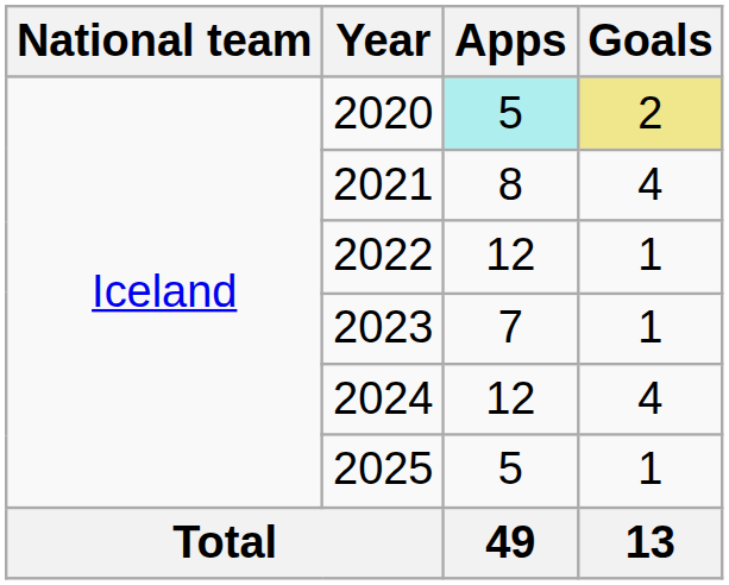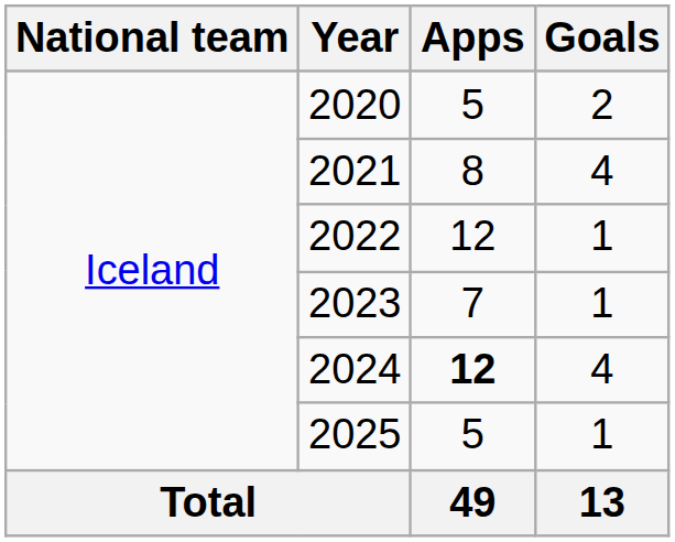 <table class="wikitable" style="text-align:center">
 <tr>
 <th>National team</th>
 <th>Year</th>
 <th>Apps</th>
 <th>Goals</th>
 </tr>
 <tr>
 <td rowspan="6"><a href='#'>Iceland</a></td>
 <td>2020</td>
-<td style="background: paleturquoise;">5</td>
-<td style="background: khaki;">2</td>
+<td>5</td>
+<td>2</td>
 </tr>
 <tr>
 <td>2021</td>
 <td>8</td>
 <td>4</td>
 </tr>
 <tr>
 <td>2022</td>
 <td>12</td>
 <td>1</td>
 </tr>
 <tr>
 <td>2023</td>
 <td>7</td>
 <td>1</td>
 </tr>
 <tr>
 <td>2024</td>
-<td>12</td>
+<td><strong>12</strong></td>
 <td>4</td>
 </tr>
 <tr>
 <td>2025</td>
 <td>5</td>
 <td>1</td>
 </tr>
 <tr>
 <th colspan="2">Total</th>
 <th>49</th>
 <th>13</th>
 </tr>
 </table>
